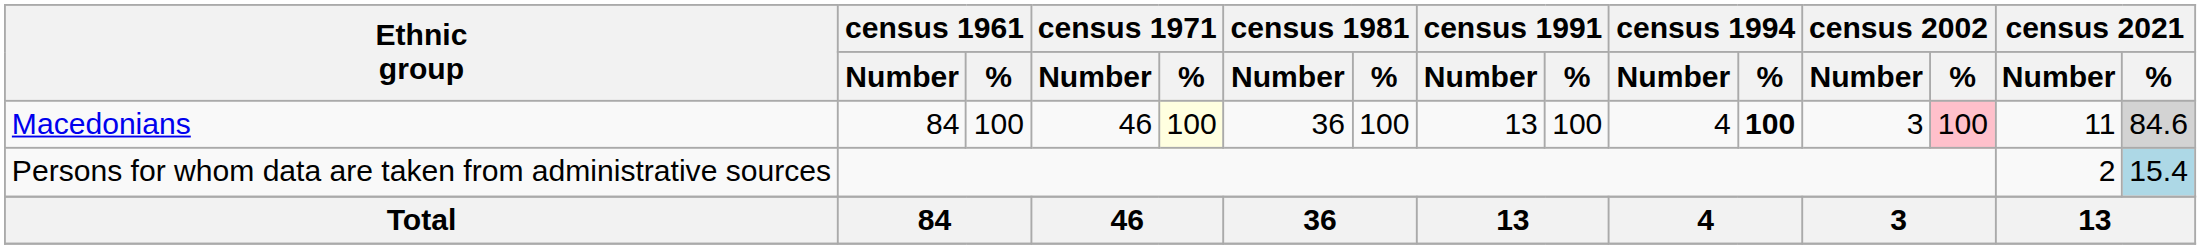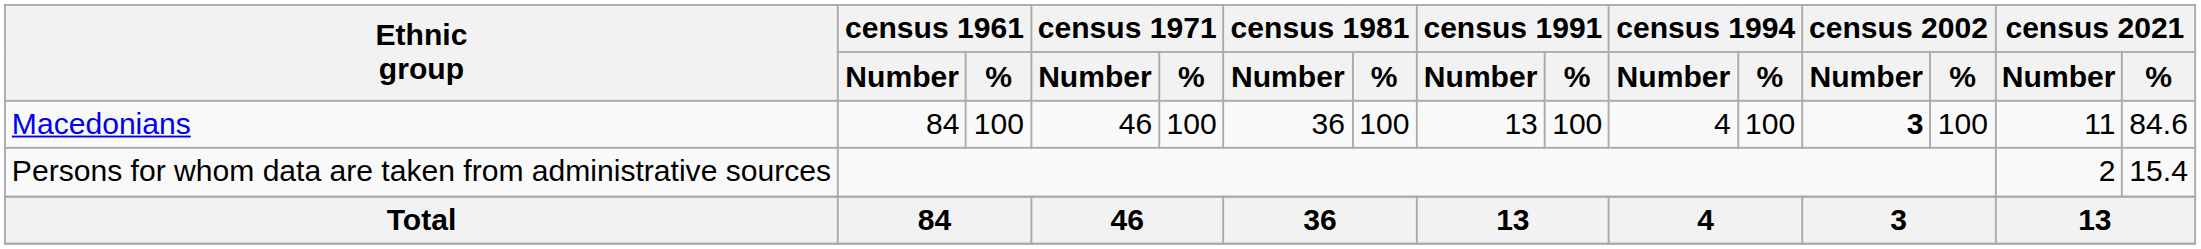 <table class="wikitable">
 <tr>
 <th rowspan="2">Ethnic<br>group</th>
 <th colspan="2">census 1961</th>
 <th colspan="2">census 1971</th>
 <th colspan="2">census 1981</th>
 <th colspan="2">census 1991</th>
 <th colspan="2">census 1994</th>
 <th colspan="2">census 2002</th>
 <th colspan="2">census 2021</th>
 </tr>
 <tr bgcolor="#e0e0e0">
 <th>Number</th>
 <th>%</th>
 <th>Number</th>
 <th>%</th>
 <th>Number</th>
 <th>%</th>
 <th>Number</th>
 <th>%</th>
 <th>Number</th>
 <th>%</th>
 <th>Number</th>
 <th>%</th>
 <th>Number</th>
 <th>%</th>
 </tr>
 <tr>
 <td><a href='#'>Macedonians</a></td>
 <td align="right">84</td>
 <td align="right">100</td>
 <td align="right">46</td>
-<td align="right" style="background: lightyellow;">100</td>
+<td align="right">100</td>
 <td align="right">36</td>
 <td align="right">100</td>
 <td align="right">13</td>
 <td align="right">100</td>
 <td align="right">4</td>
-<td align="right"><strong>100</strong></td>
-<td align="right">3</td>
-<td align="right" style="background: pink;">100</td>
+<td align="right">100</td>
+<td align="right"><strong>3</strong></td>
+<td align="right">100</td>
 <td align="right">11</td>
-<td align="right" style="background: lightgrey;">84.6</td>
+<td align="right">84.6</td>
 </tr>
 <tr>
 <td>Persons for whom data are taken from administrative sources</td>
 <td colspan="12"></td>
 <td align="right">2</td>
-<td align="right" style="background: lightblue;">15.4</td>
+<td align="right">15.4</td>
 </tr>
 <tr>
 </tr>
 <tr bgcolor="#e0e0e0">
 <th align="left">Total</th>
 <th colspan="2">84</th>
 <th colspan="2">46</th>
 <th colspan="2">36</th>
 <th colspan="2">13</th>
 <th colspan="2">4</th>
 <th colspan="2">3</th>
 <th colspan="2">13</th>
 </tr>
 <tr>
 </tr>
 </table>
